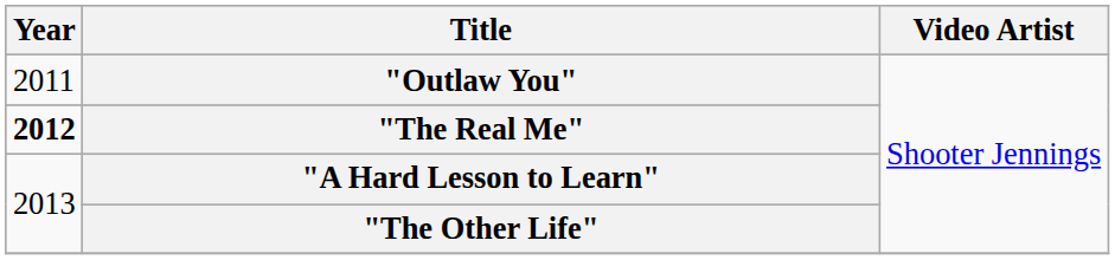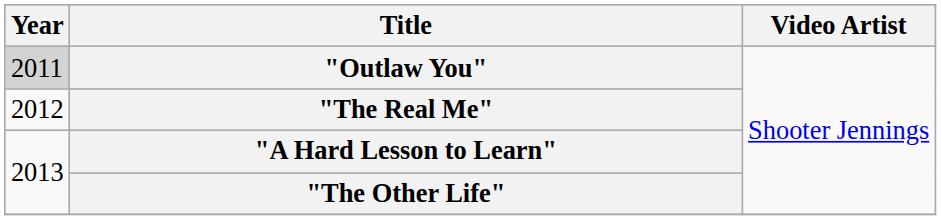 <table class="wikitable plainrowheaders">
 <tr>
 <th>Year</th>
 <th style="width:25em;">Title</th>
 <th>Video Artist</th>
 </tr>
 <tr>
-<td>2011</td>
+<td style="background: lightgrey;">2011</td>
 <th scope="row">"Outlaw You"</th>
 <td rowspan="4"><a href='#'>Shooter Jennings</a></td>
 </tr>
 <tr>
-<td><strong>2012</strong></td>
+<td>2012</td>
 <th scope="row">"The Real Me"</th>
 </tr>
 <tr>
 <td rowspan="2">2013</td>
 <th scope="row">"A Hard Lesson to Learn"</th>
 </tr>
 <tr>
 <th scope="row">"The Other Life"</th>
 </tr>
 <tr>
 </tr>
 </table>
